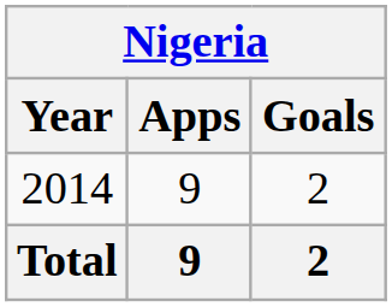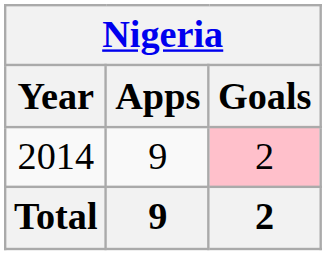 <table class="wikitable" style="text-align:center">
 <tr>
 <th colspan=3><a href='#'>Nigeria</a></th>
 </tr>
 <tr>
 <th>Year</th>
 <th>Apps</th>
 <th>Goals</th>
 </tr>
 <tr>
 <td>2014</td>
 <td>9</td>
-<td>2</td>
+<td style="background: pink;">2</td>
 </tr>
 <tr>
 <th>Total</th>
 <th>9</th>
 <th>2</th>
 </tr>
 </table>
